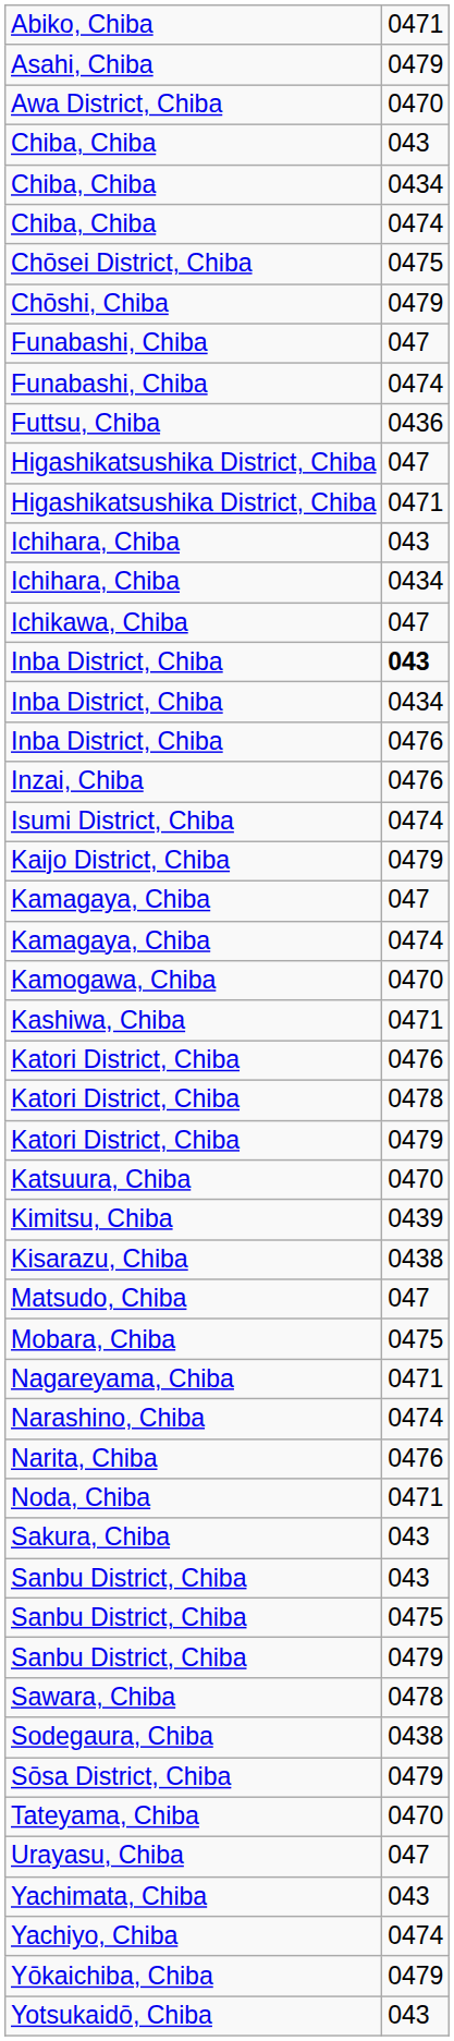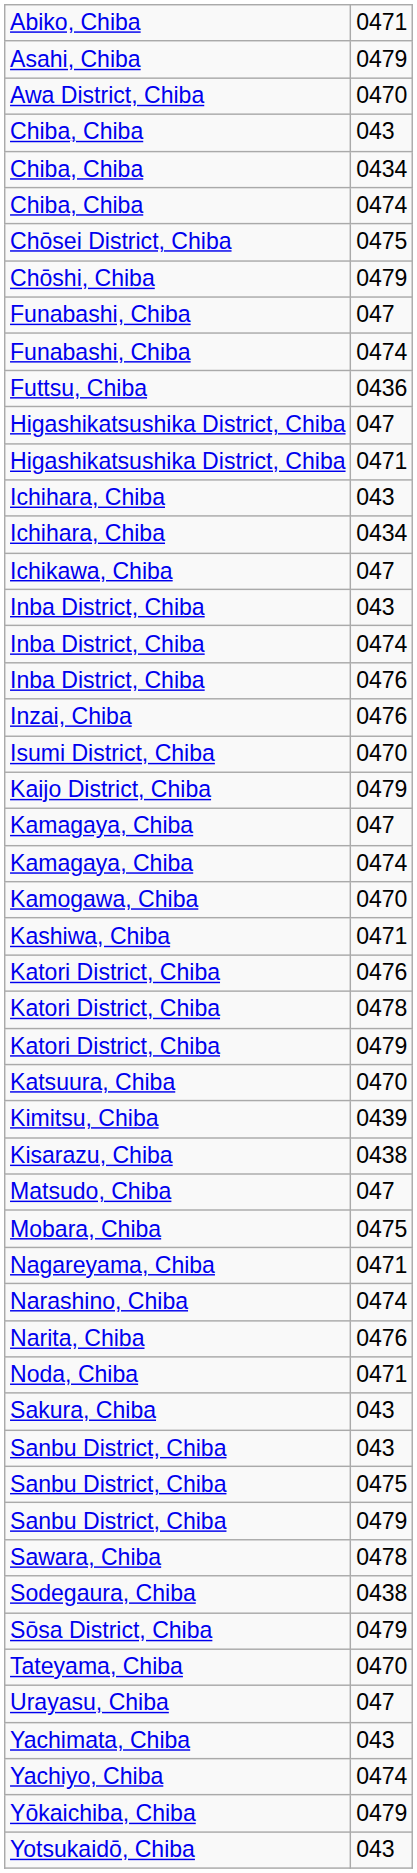 <table class="wikitable">
 <tr>
 <td><a href='#'>Abiko, Chiba</a></td>
 <td>0471</td>
 </tr>
 <tr>
 <td><a href='#'>Asahi, Chiba</a></td>
 <td>0479</td>
 </tr>
 <tr>
 <td><a href='#'>Awa District, Chiba</a></td>
 <td>0470</td>
 </tr>
 <tr>
 <td><a href='#'>Chiba, Chiba</a></td>
 <td>043</td>
 </tr>
 <tr>
 <td><a href='#'>Chiba, Chiba</a></td>
 <td>0434</td>
 </tr>
 <tr>
 <td><a href='#'>Chiba, Chiba</a></td>
 <td>0474</td>
 </tr>
 <tr>
 <td><a href='#'>Chōsei District, Chiba</a></td>
 <td>0475</td>
 </tr>
 <tr>
 <td><a href='#'>Chōshi, Chiba</a></td>
 <td>0479</td>
 </tr>
 <tr>
 <td><a href='#'>Funabashi, Chiba</a></td>
 <td>047</td>
 </tr>
 <tr>
 <td><a href='#'>Funabashi, Chiba</a></td>
 <td>0474</td>
 </tr>
 <tr>
 <td><a href='#'>Futtsu, Chiba</a></td>
 <td>0436</td>
 </tr>
 <tr>
 <td><a href='#'>Higashikatsushika District, Chiba</a></td>
 <td>047</td>
 </tr>
 <tr>
 <td><a href='#'>Higashikatsushika District, Chiba</a></td>
 <td>0471</td>
 </tr>
 <tr>
 <td><a href='#'>Ichihara, Chiba</a></td>
 <td>043</td>
 </tr>
 <tr>
 <td><a href='#'>Ichihara, Chiba</a></td>
 <td>0434</td>
 </tr>
 <tr>
 <td><a href='#'>Ichikawa, Chiba</a></td>
 <td>047</td>
 </tr>
 <tr>
 <td><a href='#'>Inba District, Chiba</a></td>
-<td><strong>043</strong></td>
+<td>043</td>
 </tr>
 <tr>
 <td><a href='#'>Inba District, Chiba</a></td>
-<td>0434</td>
+<td>0474</td>
 </tr>
 <tr>
 <td><a href='#'>Inba District, Chiba</a></td>
 <td>0476</td>
 </tr>
 <tr>
 <td><a href='#'>Inzai, Chiba</a></td>
 <td>0476</td>
 </tr>
 <tr>
 <td><a href='#'>Isumi District, Chiba</a></td>
-<td>0474</td>
+<td>0470</td>
 </tr>
 <tr>
 <td><a href='#'>Kaijo District, Chiba</a></td>
 <td>0479</td>
 </tr>
 <tr>
 <td><a href='#'>Kamagaya, Chiba</a></td>
 <td>047</td>
 </tr>
 <tr>
 <td><a href='#'>Kamagaya, Chiba</a></td>
 <td>0474</td>
 </tr>
 <tr>
 <td><a href='#'>Kamogawa, Chiba</a></td>
 <td>0470</td>
 </tr>
 <tr>
 <td><a href='#'>Kashiwa, Chiba</a></td>
 <td>0471</td>
 </tr>
 <tr>
 <td><a href='#'>Katori District, Chiba</a></td>
 <td>0476</td>
 </tr>
 <tr>
 <td><a href='#'>Katori District, Chiba</a></td>
 <td>0478</td>
 </tr>
 <tr>
 <td><a href='#'>Katori District, Chiba</a></td>
 <td>0479</td>
 </tr>
 <tr>
 <td><a href='#'>Katsuura, Chiba</a></td>
 <td>0470</td>
 </tr>
 <tr>
 <td><a href='#'>Kimitsu, Chiba</a></td>
 <td>0439</td>
 </tr>
 <tr>
 <td><a href='#'>Kisarazu, Chiba</a></td>
 <td>0438</td>
 </tr>
 <tr>
 <td><a href='#'>Matsudo, Chiba</a></td>
 <td>047</td>
 </tr>
 <tr>
 <td><a href='#'>Mobara, Chiba</a></td>
 <td>0475</td>
 </tr>
 <tr>
 <td><a href='#'>Nagareyama, Chiba</a></td>
 <td>0471</td>
 </tr>
 <tr>
 <td><a href='#'>Narashino, Chiba</a></td>
 <td>0474</td>
 </tr>
 <tr>
 <td><a href='#'>Narita, Chiba</a></td>
 <td>0476</td>
 </tr>
 <tr>
 <td><a href='#'>Noda, Chiba</a></td>
 <td>0471</td>
 </tr>
 <tr>
 <td><a href='#'>Sakura, Chiba</a></td>
 <td>043</td>
 </tr>
 <tr>
 <td><a href='#'>Sanbu District, Chiba</a></td>
 <td>043</td>
 </tr>
 <tr>
 <td><a href='#'>Sanbu District, Chiba</a></td>
 <td>0475</td>
 </tr>
 <tr>
 <td><a href='#'>Sanbu District, Chiba</a></td>
 <td>0479</td>
 </tr>
 <tr>
 <td><a href='#'>Sawara, Chiba</a></td>
 <td>0478</td>
 </tr>
 <tr>
 <td><a href='#'>Sodegaura, Chiba</a></td>
 <td>0438</td>
 </tr>
 <tr>
 <td><a href='#'>Sōsa District, Chiba</a></td>
 <td>0479</td>
 </tr>
 <tr>
 <td><a href='#'>Tateyama, Chiba</a></td>
 <td>0470</td>
 </tr>
 <tr>
 <td><a href='#'>Urayasu, Chiba</a></td>
 <td>047</td>
 </tr>
 <tr>
 <td><a href='#'>Yachimata, Chiba</a></td>
 <td>043</td>
 </tr>
 <tr>
 <td><a href='#'>Yachiyo, Chiba</a></td>
 <td>0474</td>
 </tr>
 <tr>
 <td><a href='#'>Yōkaichiba, Chiba</a></td>
 <td>0479</td>
 </tr>
 <tr>
 <td><a href='#'>Yotsukaidō, Chiba</a></td>
 <td>043</td>
 </tr>
 </table>
